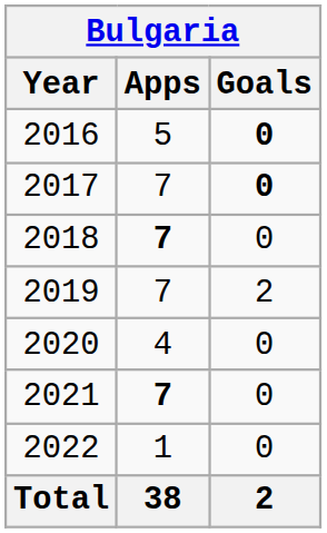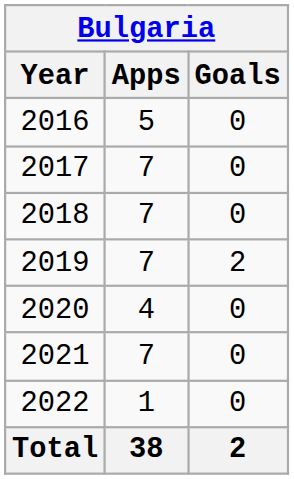 <table class=wikitable style="text-align:center">
 <tr>
 <th colspan=3><a href='#'>Bulgaria</a></th>
 </tr>
 <tr>
 <th>Year</th>
 <th>Apps</th>
 <th>Goals</th>
 </tr>
 <tr>
 <td>2016</td>
 <td>5</td>
-<td><strong>0</strong></td>
+<td>0</td>
 </tr>
 <tr>
 <td>2017</td>
 <td>7</td>
-<td><strong>0</strong></td>
+<td>0</td>
 </tr>
 <tr>
 <td>2018</td>
-<td><strong>7</strong></td>
+<td>7</td>
 <td>0</td>
 </tr>
 <tr>
 <td>2019</td>
 <td>7</td>
 <td>2</td>
 </tr>
 <tr>
 <td>2020</td>
 <td>4</td>
 <td>0</td>
 </tr>
 <tr>
 <td>2021</td>
-<td><strong>7</strong></td>
+<td>7</td>
 <td>0</td>
 </tr>
 <tr>
 <td>2022</td>
 <td>1</td>
 <td>0</td>
 </tr>
 <tr>
 <th>Total</th>
 <th>38</th>
 <th>2</th>
 </tr>
 </table>
